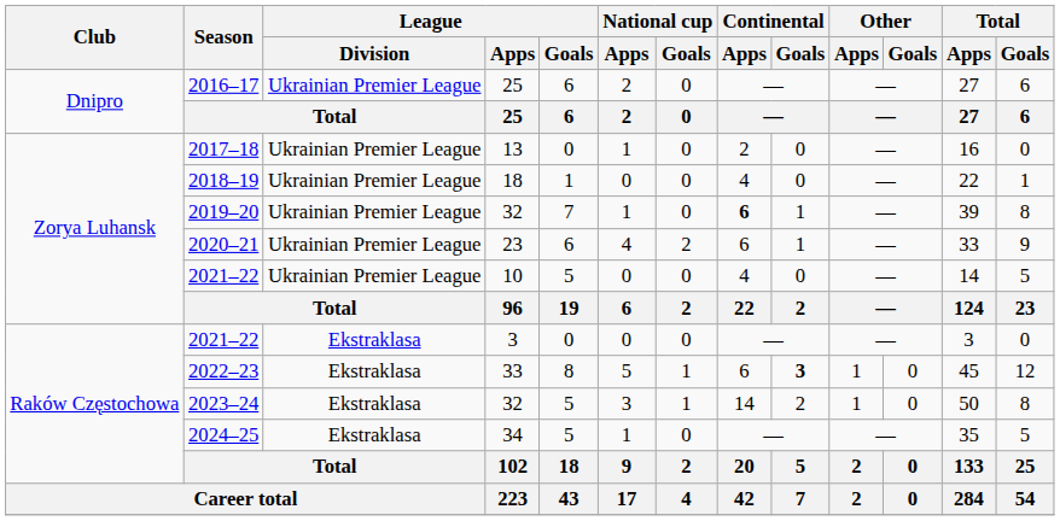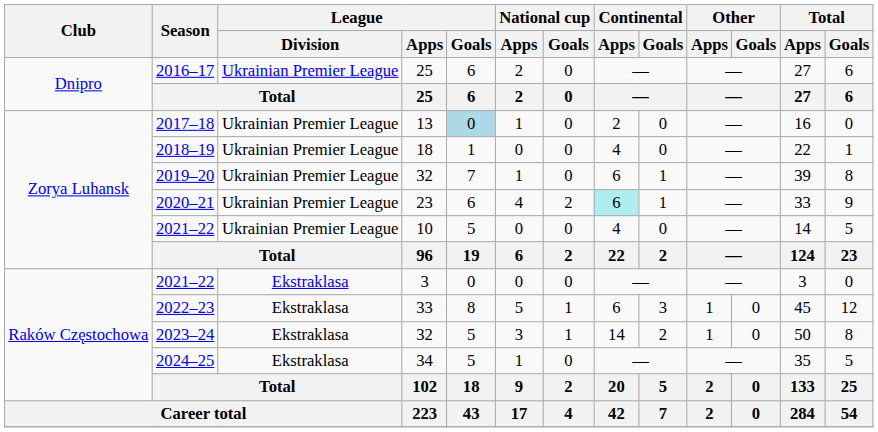 <table class="wikitable" style="text-align:center">
 <tr>
 <th rowspan="2">Club</th>
 <th rowspan="2">Season</th>
 <th colspan="3">League</th>
 <th colspan="2">National cup</th>
 <th colspan="2">Continental</th>
 <th colspan="2">Other</th>
 <th colspan="2">Total</th>
 </tr>
 <tr>
 <th>Division</th>
 <th>Apps</th>
 <th>Goals</th>
 <th>Apps</th>
 <th>Goals</th>
 <th>Apps</th>
 <th>Goals</th>
 <th>Apps</th>
 <th>Goals</th>
 <th>Apps</th>
 <th>Goals</th>
 </tr>
 <tr>
 <td rowspan="2"><a href='#'>Dnipro</a></td>
 <td><a href='#'>2016–17</a></td>
 <td><a href='#'>Ukrainian Premier League</a></td>
 <td>25</td>
 <td>6</td>
 <td>2</td>
 <td>0</td>
 <td colspan="2">—</td>
 <td colspan="2">—</td>
 <td>27</td>
 <td>6</td>
 </tr>
 <tr>
 <th colspan="2">Total</th>
 <th>25</th>
 <th>6</th>
 <th>2</th>
 <th>0</th>
 <th colspan="2">—</th>
 <th colspan="2">—</th>
 <th>27</th>
 <th>6</th>
 </tr>
 <tr>
 <td rowspan="6"><a href='#'>Zorya Luhansk</a></td>
 <td><a href='#'>2017–18</a></td>
 <td>Ukrainian Premier League</td>
 <td>13</td>
-<td>0</td>
+<td style="background: lightblue;">0</td>
 <td>1</td>
 <td>0</td>
 <td>2</td>
 <td>0</td>
 <td colspan="2">—</td>
 <td>16</td>
 <td>0</td>
 </tr>
 <tr>
 <td><a href='#'>2018–19</a></td>
 <td>Ukrainian Premier League</td>
 <td>18</td>
 <td>1</td>
 <td>0</td>
 <td>0</td>
 <td>4</td>
 <td>0</td>
 <td colspan="2">—</td>
 <td>22</td>
 <td>1</td>
 </tr>
 <tr>
 <td><a href='#'>2019–20</a></td>
 <td>Ukrainian Premier League</td>
 <td>32</td>
 <td>7</td>
 <td>1</td>
 <td>0</td>
-<td><strong>6</strong></td>
+<td>6</td>
 <td>1</td>
 <td colspan="2">—</td>
 <td>39</td>
 <td>8</td>
 </tr>
 <tr>
 <td><a href='#'>2020–21</a></td>
 <td>Ukrainian Premier League</td>
 <td>23</td>
 <td>6</td>
 <td>4</td>
 <td>2</td>
-<td>6</td>
+<td style="background: paleturquoise;">6</td>
 <td>1</td>
 <td colspan="2">—</td>
 <td>33</td>
 <td>9</td>
 </tr>
 <tr>
 <td><a href='#'>2021–22</a></td>
 <td>Ukrainian Premier League</td>
 <td>10</td>
 <td>5</td>
 <td>0</td>
 <td>0</td>
 <td>4</td>
 <td>0</td>
 <td colspan="2">—</td>
 <td>14</td>
 <td>5</td>
 </tr>
 <tr>
 <th colspan="2">Total</th>
 <th>96</th>
 <th>19</th>
 <th>6</th>
 <th>2</th>
 <th>22</th>
 <th>2</th>
 <th colspan="2">—</th>
 <th>124</th>
 <th>23</th>
 </tr>
 <tr>
 <td rowspan="5"><a href='#'>Raków Częstochowa</a></td>
 <td><a href='#'>2021–22</a></td>
 <td><a href='#'>Ekstraklasa</a></td>
 <td>3</td>
 <td>0</td>
 <td>0</td>
 <td>0</td>
 <td colspan="2">—</td>
 <td colspan="2">—</td>
 <td>3</td>
 <td>0</td>
 </tr>
 <tr>
 <td><a href='#'>2022–23</a></td>
 <td>Ekstraklasa</td>
 <td>33</td>
 <td>8</td>
 <td>5</td>
 <td>1</td>
 <td>6</td>
-<td><strong>3</strong></td>
+<td>3</td>
 <td>1</td>
 <td>0</td>
 <td>45</td>
 <td>12</td>
 </tr>
 <tr>
 <td><a href='#'>2023–24</a></td>
 <td>Ekstraklasa</td>
 <td>32</td>
 <td>5</td>
 <td>3</td>
 <td>1</td>
 <td>14</td>
 <td>2</td>
 <td>1</td>
 <td>0</td>
 <td>50</td>
 <td>8</td>
 </tr>
 <tr>
 <td><a href='#'>2024–25</a></td>
 <td>Ekstraklasa</td>
 <td>34</td>
 <td>5</td>
 <td>1</td>
 <td>0</td>
 <td colspan="2">—</td>
 <td colspan="2">—</td>
 <td>35</td>
 <td>5</td>
 </tr>
 <tr>
 <th colspan="2">Total</th>
 <th>102</th>
 <th>18</th>
 <th>9</th>
 <th>2</th>
 <th>20</th>
 <th>5</th>
 <th>2</th>
 <th>0</th>
 <th>133</th>
 <th>25</th>
 </tr>
 <tr>
 <th colspan="3">Career total</th>
 <th>223</th>
 <th>43</th>
 <th>17</th>
 <th>4</th>
 <th>42</th>
 <th>7</th>
 <th>2</th>
 <th>0</th>
 <th>284</th>
 <th>54</th>
 </tr>
 <tr>
 </tr>
 </table>
